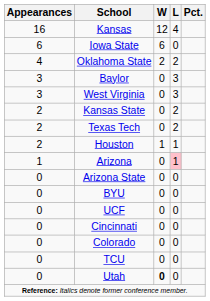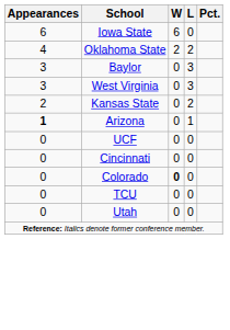 <table class="wikitable sortable" style="text-align:center">
 <tr>
 <th width=px>Appearances</th>
 <th width=px>School</th>
 <th width=px>W</th>
 <th width=px>L</th>
 <th width=px>Pct.</th>
-</tr>
-<tr>
-<td>16</td>
-<td><a href='#'>Kansas</a></td>
-<td>12</td>
-<td>4</td>
-<td></td>
 </tr>
 <tr>
 <td>6</td>
 <td><a href='#'>Iowa State</a></td>
 <td>6</td>
 <td>0</td>
 <td></td>
 </tr>
 <tr>
 <td>4</td>
 <td><a href='#'>Oklahoma State</a></td>
 <td>2</td>
 <td>2</td>
 <td></td>
 </tr>
 <tr>
 <td>3</td>
 <td><a href='#'>Baylor</a></td>
 <td>0</td>
 <td>3</td>
 <td></td>
 </tr>
 <tr>
 <td>3</td>
 <td><a href='#'>West Virginia</a></td>
 <td>0</td>
 <td>3</td>
 <td></td>
 </tr>
 <tr>
 <td>2</td>
 <td><a href='#'>Kansas State</a></td>
 <td>0</td>
 <td>2</td>
 <td></td>
 </tr>
 <tr>
-<td>2</td>
-<td><a href='#'>Texas Tech</a></td>
-<td>0</td>
-<td>2</td>
-<td></td>
-</tr>
-<tr>
-<td>2</td>
-<td><a href='#'>Houston</a></td>
-<td>1</td>
-<td>1</td>
-<td></td>
-</tr>
-<tr>
-<td>1</td>
+<td><strong>1</strong></td>
 <td><a href='#'>Arizona</a></td>
 <td>0</td>
-<td style="background: pink;">1</td>
-<td></td>
-</tr>
-<tr>
-<td>0</td>
-<td><a href='#'>Arizona State</a></td>
-<td>0</td>
-<td>0</td>
-<td></td>
-</tr>
-<tr>
-<td>0</td>
-<td><a href='#'>BYU</a></td>
-<td>0</td>
-<td>0</td>
+<td>1</td>
 <td></td>
 </tr>
 <tr>
 <td>0</td>
 <td><a href='#'>UCF</a></td>
 <td>0</td>
 <td>0</td>
 <td></td>
 </tr>
 <tr>
 <td>0</td>
 <td><a href='#'>Cincinnati</a></td>
 <td>0</td>
 <td>0</td>
 <td></td>
 </tr>
 <tr>
 <td>0</td>
 <td><a href='#'>Colorado</a></td>
-<td>0</td>
+<td><strong>0</strong></td>
 <td>0</td>
 <td></td>
 </tr>
 <tr>
 <td>0</td>
 <td><a href='#'>TCU</a></td>
 <td>0</td>
 <td>0</td>
 <td></td>
 </tr>
 <tr>
 <td>0</td>
 <td><a href='#'>Utah</a></td>
-<td><strong>0</strong></td>
+<td>0</td>
 <td>0</td>
 <td></td>
 </tr>
 <tr>
 <td colspan="5"  style="font-size:8pt; text-align:center;"><strong>Reference:</strong> <em>Italics denote former conference member.</em></td>
 </tr>
 </table>
